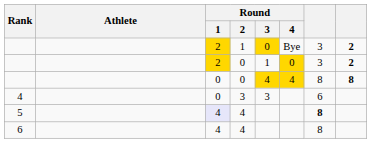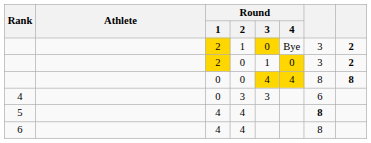 <table class="wikitable" style="text-align: center;">
 <tr>
 <th rowspan="2" width=40>Rank</th>
 <th rowspan="2" width=250>Athlete</th>
 <th colspan="4">Round</th>
 <th rowspan="2" width=40></th>
 <th rowspan="2" width=40></th>
 </tr>
 <tr>
 <th width=30>1</th>
 <th width=30>2</th>
 <th width=30>3</th>
 <th width=30>4</th>
 </tr>
 <tr>
 <td></td>
 <td align="left"></td>
 <td bgcolor=gold>2</td>
 <td>1</td>
 <td bgcolor=gold>0</td>
 <td>Bye</td>
 <td>3</td>
 <td><strong>2</strong></td>
 </tr>
 <tr>
 <td></td>
 <td align="left"></td>
 <td bgcolor=gold>2</td>
 <td>0</td>
 <td>1</td>
 <td bgcolor=gold>0</td>
 <td>3</td>
 <td><strong>2</strong></td>
 </tr>
 <tr>
 <td></td>
 <td align="left"></td>
 <td>0</td>
 <td>0</td>
 <td bgcolor=gold>4</td>
 <td bgcolor=gold>4</td>
 <td>8</td>
 <td><strong>8</strong></td>
 </tr>
 <tr>
 <td>4</td>
 <td align="left"></td>
 <td>0</td>
 <td>3</td>
 <td>3</td>
 <td></td>
 <td>6</td>
 <td></td>
 </tr>
 <tr>
 <td>5</td>
 <td align="left"></td>
-<td style="background: lavender;">4</td>
+<td>4</td>
 <td>4</td>
 <td></td>
 <td></td>
 <td><strong>8</strong></td>
 <td></td>
 </tr>
 <tr>
 <td>6</td>
 <td align="left"></td>
 <td>4</td>
 <td>4</td>
 <td></td>
 <td></td>
 <td>8</td>
 <td></td>
 </tr>
 </table>
